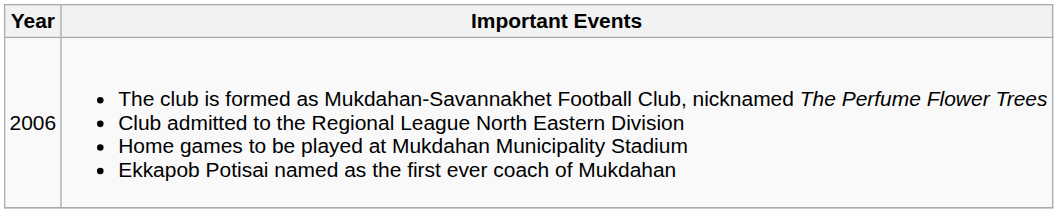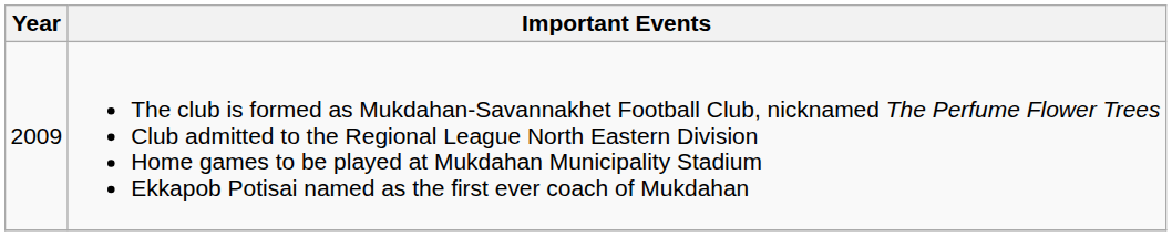 <table class="wikitable">
 <tr>
 <th>Year</th>
 <th>Important Events</th>
 </tr>
 <tr>
-<td>2006</td>
+<td>2009</td>
 <td><br><ul><li>The club is formed as Mukdahan-Savannakhet Football Club, nicknamed <em>The Perfume Flower Trees</em></li><li>Club admitted to the Regional League North Eastern Division</li><li>Home games to be played at Mukdahan Municipality Stadium</li><li>Ekkapob Potisai named as the first ever coach of Mukdahan</li></ul></td>
 </tr>
 <tr>
 </tr>
 </table>
